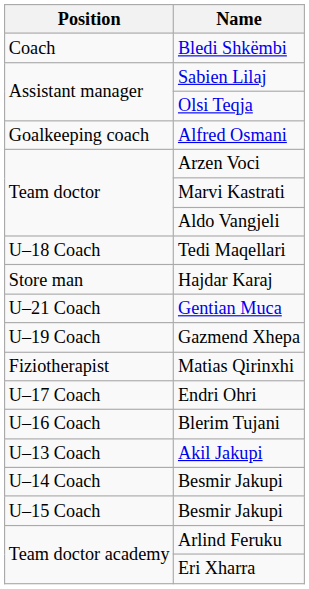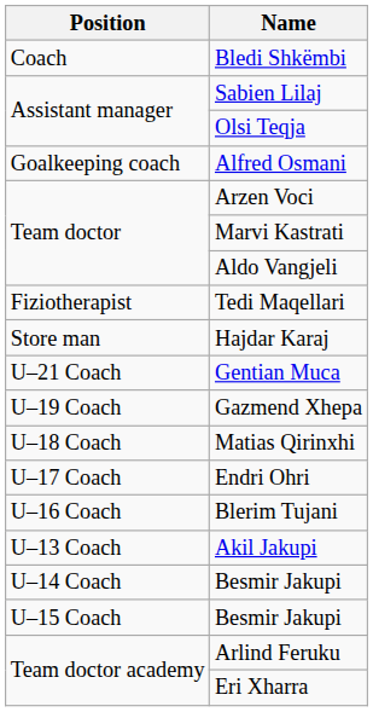 <table class="wikitable">
 <tr>
 <th>Position</th>
 <th>Name</th>
 </tr>
 <tr>
 <td>Coach</td>
 <td> <a href='#'>Bledi Shkëmbi</a></td>
 </tr>
 <tr>
 <td rowspan=2>Assistant manager</td>
 <td> <a href='#'>Sabien Lilaj</a></td>
 </tr>
 <tr>
 <td> <a href='#'>Olsi Teqja</a></td>
 </tr>
 <tr>
 <td>Goalkeeping coach</td>
 <td> <a href='#'>Alfred Osmani</a></td>
 </tr>
 <tr>
 <td rowspan=3>Team doctor</td>
 <td> Arzen Voci</td>
 </tr>
 <tr>
 <td> Marvi Kastrati</td>
 </tr>
 <tr>
 <td> Aldo Vangjeli</td>
 </tr>
 <tr>
-<td>U–18 Coach</td>
+<td>Fiziotherapist</td>
 <td> Tedi Maqellari</td>
 </tr>
 <tr>
 <td>Store man</td>
 <td> Hajdar Karaj</td>
 </tr>
 <tr>
 <td>U–21 Coach</td>
 <td> <a href='#'>Gentian Muca</a></td>
 </tr>
 <tr>
 <td>U–19 Coach</td>
 <td> Gazmend Xhepa</td>
 </tr>
 <tr>
-<td>Fiziotherapist</td>
+<td>U–18 Coach</td>
 <td> Matias Qirinxhi</td>
 </tr>
 <tr>
 <td>U–17 Coach</td>
 <td> Endri Ohri</td>
 </tr>
 <tr>
 <td>U–16 Coach</td>
 <td> Blerim Tujani</td>
 </tr>
 <tr>
 <td>U–13 Coach</td>
 <td> <a href='#'>Akil Jakupi</a></td>
 </tr>
 <tr>
 <td>U–14 Coach</td>
 <td> Besmir Jakupi</td>
 </tr>
 <tr>
 <td>U–15 Coach</td>
 <td> Besmir Jakupi</td>
 </tr>
 <tr>
 <td rowspan=2>Team doctor academy</td>
 <td> Arlind Feruku</td>
 </tr>
 <tr>
 <td> Eri Xharra</td>
 </tr>
 </table>
